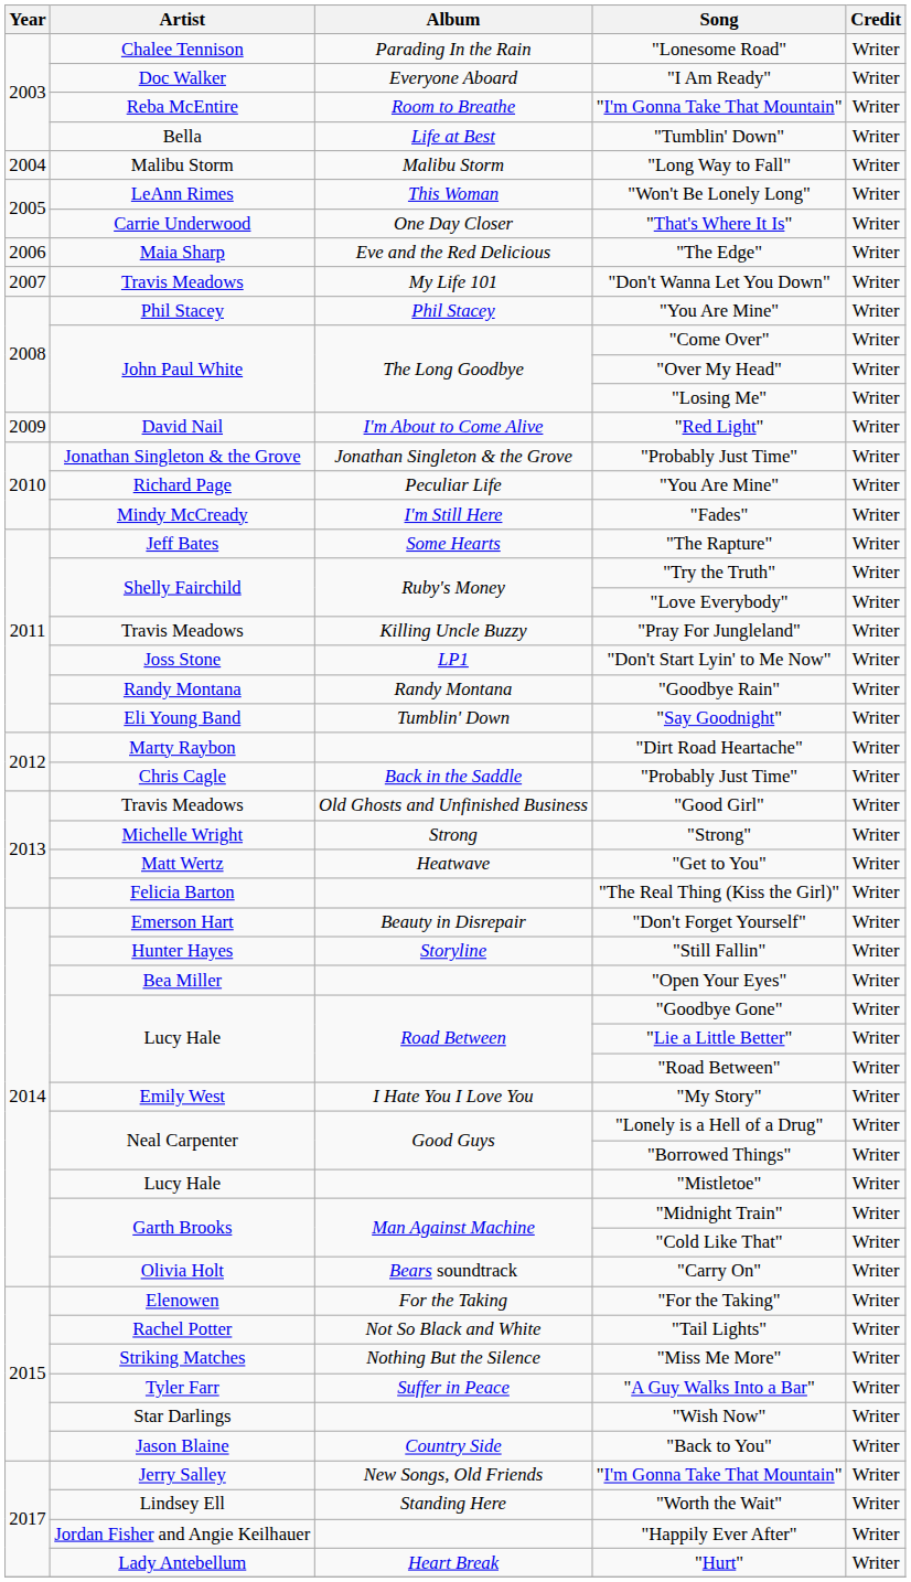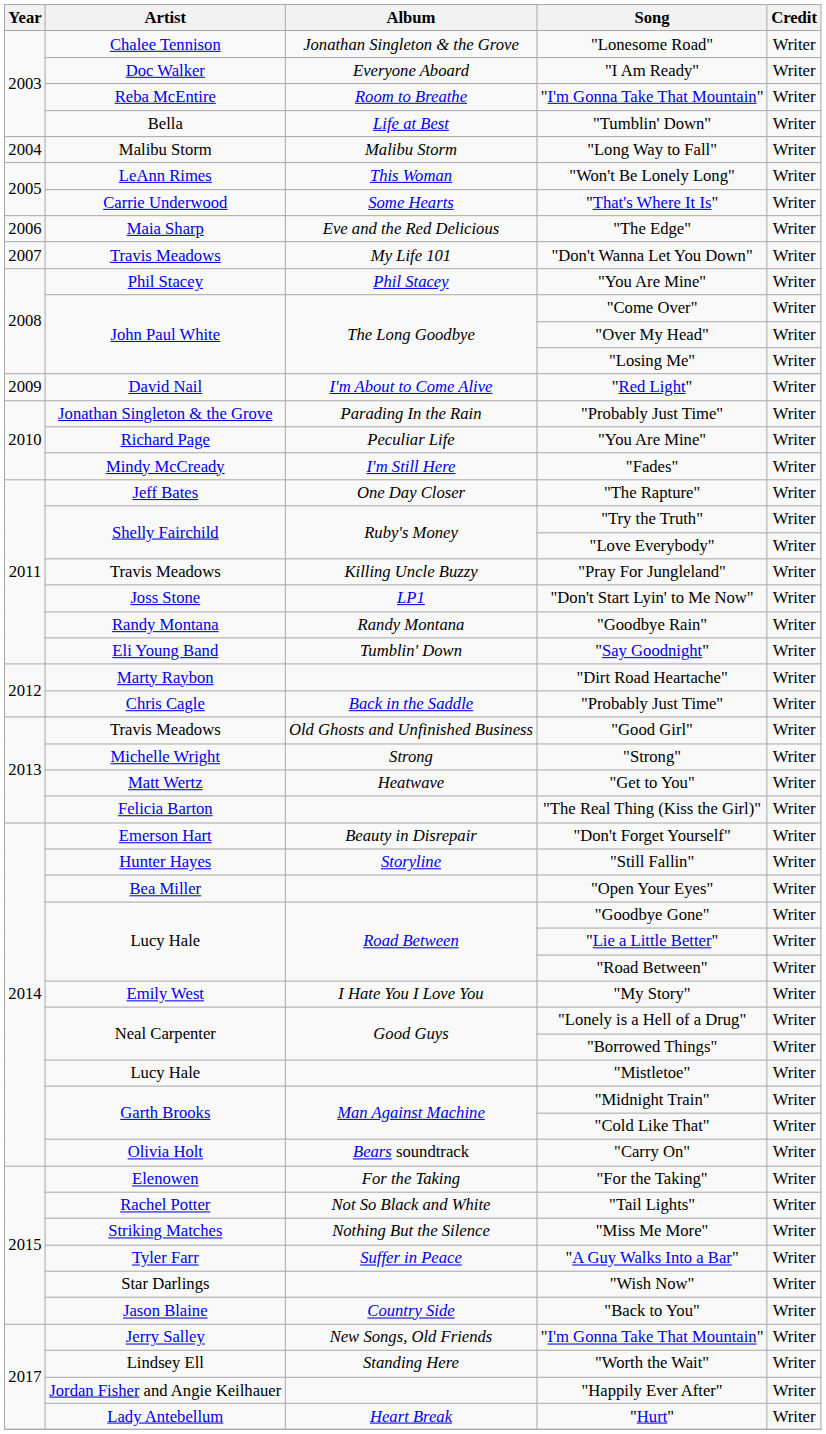 <table class="wikitable plainrowheaders" style="text-align:center;">
 <tr>
 <th>Year</th>
 <th>Artist</th>
 <th>Album</th>
 <th>Song</th>
 <th>Credit</th>
 </tr>
 <tr>
 <td rowspan="4">2003</td>
 <td rowspan="1"><a href='#'>Chalee Tennison</a></td>
-<td rowspan="1"><em>Parading In the Rain</em></td>
+<td rowspan="1"><em>Jonathan Singleton & the Grove</em></td>
 <td>"Lonesome Road"</td>
 <td>Writer</td>
 </tr>
 <tr>
 <td rowspan="1"><a href='#'>Doc Walker</a></td>
 <td rowspan="1"><em>Everyone Aboard</em></td>
 <td>"I Am Ready"</td>
 <td>Writer</td>
 </tr>
 <tr>
 <td rowspan="1"><a href='#'>Reba McEntire</a></td>
 <td rowspan="1"><em><a href='#'>Room to Breathe</a></em></td>
 <td>"<a href='#'>I'm Gonna Take That Mountain</a>"</td>
 <td>Writer</td>
 </tr>
 <tr>
 <td rowspan="1">Bella</td>
 <td rowspan="1"><em><a href='#'>Life at Best</a></em></td>
 <td>"Tumblin' Down"</td>
 <td>Writer</td>
 </tr>
 <tr>
 <td rowspan="1">2004</td>
 <td rowspan="1">Malibu Storm</td>
 <td rowspan="1"><em>Malibu Storm</em></td>
 <td>"Long Way to Fall"</td>
 <td>Writer</td>
 </tr>
 <tr>
 <td rowspan="2">2005</td>
 <td rowspan="1"><a href='#'>LeAnn Rimes</a></td>
 <td rowspan="1"><em><a href='#'>This Woman</a></em></td>
 <td>"Won't Be Lonely Long"</td>
 <td>Writer</td>
 </tr>
 <tr>
 <td rowspan="1"><a href='#'>Carrie Underwood</a></td>
-<td rowspan="1"><em>One Day Closer</em></td>
+<td rowspan="1"><em><a href='#'>Some Hearts</a></em></td>
 <td>"<a href='#'>That's Where It Is</a>"</td>
 <td>Writer</td>
 </tr>
 <tr>
 <td rowspan="1">2006</td>
 <td rowspan="1"><a href='#'>Maia Sharp</a></td>
 <td rowspan="1"><em>Eve and the Red Delicious</em></td>
 <td>"The Edge"</td>
 <td>Writer</td>
 </tr>
 <tr>
 <td rowspan="1">2007</td>
 <td rowspan="1"><a href='#'>Travis Meadows</a></td>
 <td rowspan="1"><em>My Life 101</em></td>
 <td>"Don't Wanna Let You Down"</td>
 <td>Writer</td>
 </tr>
 <tr>
 <td rowspan="4">2008</td>
 <td rowspan="1"><a href='#'>Phil Stacey</a></td>
 <td rowspan="1"><em><a href='#'>Phil Stacey</a></em></td>
 <td>"You Are Mine"</td>
 <td>Writer</td>
 </tr>
 <tr>
 <td rowspan="3"><a href='#'>John Paul White</a></td>
 <td rowspan="3"><em>The Long Goodbye</em></td>
 <td>"Come Over"</td>
 <td>Writer</td>
 </tr>
 <tr>
 <td>"Over My Head"</td>
 <td>Writer</td>
 </tr>
 <tr>
 <td>"Losing Me"</td>
 <td>Writer</td>
 </tr>
 <tr>
 <td rowspan="1">2009</td>
 <td rowspan="1"><a href='#'>David Nail</a></td>
 <td rowspan="1"><em><a href='#'>I'm About to Come Alive</a></em></td>
 <td>"<a href='#'>Red Light</a>"</td>
 <td>Writer</td>
 </tr>
 <tr>
 <td rowspan="3">2010</td>
 <td rowspan="1"><a href='#'>Jonathan Singleton & the Grove</a></td>
-<td rowspan="1"><em>Jonathan Singleton & the Grove</em></td>
+<td rowspan="1"><em>Parading In the Rain</em></td>
 <td>"Probably Just Time"</td>
 <td>Writer</td>
 </tr>
 <tr>
 <td rowspan="1"><a href='#'>Richard Page</a></td>
 <td rowspan="1"><em>Peculiar Life</em></td>
 <td>"You Are Mine"</td>
 <td>Writer</td>
 </tr>
 <tr>
 <td rowspan="1"><a href='#'>Mindy McCready</a></td>
 <td rowspan="1"><em><a href='#'>I'm Still Here</a></em></td>
 <td>"Fades"</td>
 <td>Writer</td>
 </tr>
 <tr>
 <td rowspan="7">2011</td>
 <td rowspan="1"><a href='#'>Jeff Bates</a></td>
-<td rowspan="1"><em><a href='#'>Some Hearts</a></em></td>
+<td rowspan="1"><em>One Day Closer</em></td>
 <td>"The Rapture"</td>
 <td>Writer</td>
 </tr>
 <tr>
 <td rowspan="2"><a href='#'>Shelly Fairchild</a></td>
 <td rowspan="2"><em>Ruby's Money</em></td>
 <td>"Try the Truth"</td>
 <td>Writer</td>
 </tr>
 <tr>
 <td>"Love Everybody"</td>
 <td>Writer</td>
 </tr>
 <tr>
 <td rowspan="1">Travis Meadows</td>
 <td rowspan="1"><em>Killing Uncle Buzzy</em></td>
 <td>"Pray For Jungleland"</td>
 <td>Writer</td>
 </tr>
 <tr>
 <td rowspan="1"><a href='#'>Joss Stone</a></td>
 <td rowspan="1"><em><a href='#'>LP1</a></em></td>
 <td>"Don't Start Lyin' to Me Now"</td>
 <td>Writer</td>
 </tr>
 <tr>
 <td rowspan="1"><a href='#'>Randy Montana</a></td>
 <td rowspan="1"><em>Randy Montana</em></td>
 <td>"Goodbye Rain"</td>
 <td>Writer</td>
 </tr>
 <tr>
 <td rowspan="1"><a href='#'>Eli Young Band</a></td>
 <td rowspan="1"><em>Tumblin' Down</em></td>
 <td>"<a href='#'>Say Goodnight</a>"</td>
 <td>Writer</td>
 </tr>
 <tr>
 <td rowspan="2">2012</td>
 <td rowspan="1"><a href='#'>Marty Raybon</a></td>
 <td rowspan="1"></td>
 <td>"Dirt Road Heartache"</td>
 <td>Writer</td>
 </tr>
 <tr>
 <td rowspan="1"><a href='#'>Chris Cagle</a></td>
 <td rowspan="1"><em><a href='#'>Back in the Saddle</a></em></td>
 <td>"Probably Just Time"</td>
 <td>Writer</td>
 </tr>
 <tr>
 <td rowspan="4">2013</td>
 <td rowspan="1">Travis Meadows</td>
 <td rowspan="1"><em>Old Ghosts and Unfinished Business</em></td>
 <td>"Good Girl"</td>
 <td>Writer</td>
 </tr>
 <tr>
 <td rowspan="1"><a href='#'>Michelle Wright</a></td>
 <td rowspan="1"><em>Strong</em></td>
 <td>"Strong"</td>
 <td>Writer</td>
 </tr>
 <tr>
 <td rowspan="1"><a href='#'>Matt Wertz</a></td>
 <td rowspan="1"><em>Heatwave</em></td>
 <td>"Get to You"</td>
 <td>Writer</td>
 </tr>
 <tr>
 <td rowspan="1"><a href='#'>Felicia Barton</a></td>
 <td rowspan="1"></td>
 <td>"The Real Thing (Kiss the Girl)"</td>
 <td>Writer</td>
 </tr>
 <tr>
 <td rowspan="13">2014</td>
 <td rowspan="1"><a href='#'>Emerson Hart</a></td>
 <td rowspan="1"><em>Beauty in Disrepair</em></td>
 <td>"Don't Forget Yourself"</td>
 <td>Writer</td>
 </tr>
 <tr>
 <td rowspan="1"><a href='#'>Hunter Hayes</a></td>
 <td rowspan="1"><em><a href='#'>Storyline</a></em></td>
 <td>"Still Fallin"</td>
 <td>Writer</td>
 </tr>
 <tr>
 <td rowspan="1"><a href='#'>Bea Miller</a></td>
 <td rowspan="1"></td>
 <td>"Open Your Eyes"</td>
 <td>Writer</td>
 </tr>
 <tr>
 <td rowspan="3">Lucy Hale</td>
 <td rowspan="3"><em><a href='#'>Road Between</a></em></td>
 <td>"Goodbye Gone"</td>
 <td>Writer</td>
 </tr>
 <tr>
 <td>"<a href='#'>Lie a Little Better</a>"</td>
 <td>Writer</td>
 </tr>
 <tr>
 <td>"Road Between"</td>
 <td>Writer</td>
 </tr>
 <tr>
 <td rowspan="1"><a href='#'>Emily West</a></td>
 <td rowspan="1"><em>I Hate You I Love You</em></td>
 <td>"My Story"</td>
 <td>Writer</td>
 </tr>
 <tr>
 <td rowspan="2">Neal Carpenter</td>
 <td rowspan="2"><em>Good Guys</em></td>
 <td>"Lonely is a Hell of a Drug"</td>
 <td>Writer</td>
 </tr>
 <tr>
 <td>"Borrowed Things"</td>
 <td>Writer</td>
 </tr>
 <tr>
 <td rowspan="1">Lucy Hale</td>
 <td rowspan="1"></td>
 <td>"Mistletoe"</td>
 <td>Writer</td>
 </tr>
 <tr>
 <td rowspan="2"><a href='#'>Garth Brooks</a></td>
 <td rowspan="2"><em><a href='#'>Man Against Machine</a></em></td>
 <td>"Midnight Train"</td>
 <td>Writer</td>
 </tr>
 <tr>
 <td>"Cold Like That"</td>
 <td>Writer</td>
 </tr>
 <tr>
 <td rowspan="1"><a href='#'>Olivia Holt</a></td>
 <td rowspan="1"><em><a href='#'>Bears</a></em> soundtrack</td>
 <td>"Carry On"</td>
 <td>Writer</td>
 </tr>
 <tr>
 <td rowspan="6">2015</td>
 <td rowspan="1"><a href='#'>Elenowen</a></td>
 <td rowspan="1"><em>For the Taking</em></td>
 <td>"For the Taking"</td>
 <td>Writer</td>
 </tr>
 <tr>
 <td rowspan="1"><a href='#'>Rachel Potter</a></td>
 <td rowspan="1"><em>Not So Black and White</em></td>
 <td>"Tail Lights"</td>
 <td>Writer</td>
 </tr>
 <tr>
 <td rowspan="1"><a href='#'>Striking Matches</a></td>
 <td rowspan="1"><em>Nothing But the Silence</em></td>
 <td>"Miss Me More"</td>
 <td>Writer</td>
 </tr>
 <tr>
 <td rowspan="1"><a href='#'>Tyler Farr</a></td>
 <td rowspan="1"><em><a href='#'>Suffer in Peace</a></em></td>
 <td>"<a href='#'>A Guy Walks Into a Bar</a>"</td>
 <td>Writer</td>
 </tr>
 <tr>
 <td rowspan="1">Star Darlings</td>
 <td rowspan="1"></td>
 <td>"Wish Now"</td>
 <td>Writer</td>
 </tr>
 <tr>
 <td rowspan="1"><a href='#'>Jason Blaine</a></td>
 <td rowspan="1"><em><a href='#'>Country Side</a></em></td>
 <td>"Back to You"</td>
 <td>Writer</td>
 </tr>
 <tr>
 <td rowspan="4">2017</td>
 <td rowspan="1"><a href='#'>Jerry Salley</a></td>
 <td rowspan="1"><em>New Songs, Old Friends</em></td>
 <td>"<a href='#'>I'm Gonna Take That Mountain</a>"</td>
 <td>Writer</td>
 </tr>
 <tr>
 <td rowspan="1">Lindsey Ell</td>
 <td rowspan="1"><em>Standing Here</em></td>
 <td>"Worth the Wait"</td>
 <td>Writer</td>
 </tr>
 <tr>
 <td rowspan="1"><a href='#'>Jordan Fisher</a> and Angie Keilhauer</td>
 <td rowspan="1"></td>
 <td>"Happily Ever After"</td>
 <td>Writer</td>
 </tr>
 <tr>
 <td rowspan="1"><a href='#'>Lady Antebellum</a></td>
 <td rowspan="1"><em><a href='#'>Heart Break</a></em></td>
 <td>"<a href='#'>Hurt</a>"</td>
 <td>Writer</td>
 </tr>
 <tr>
 </tr>
 </table>
